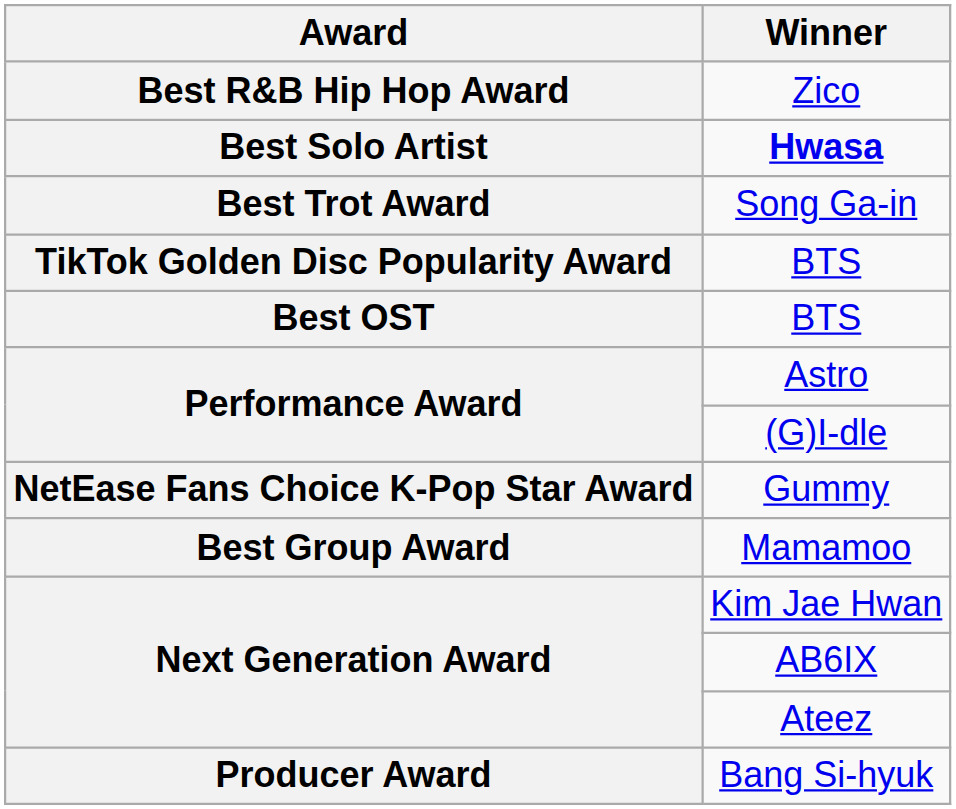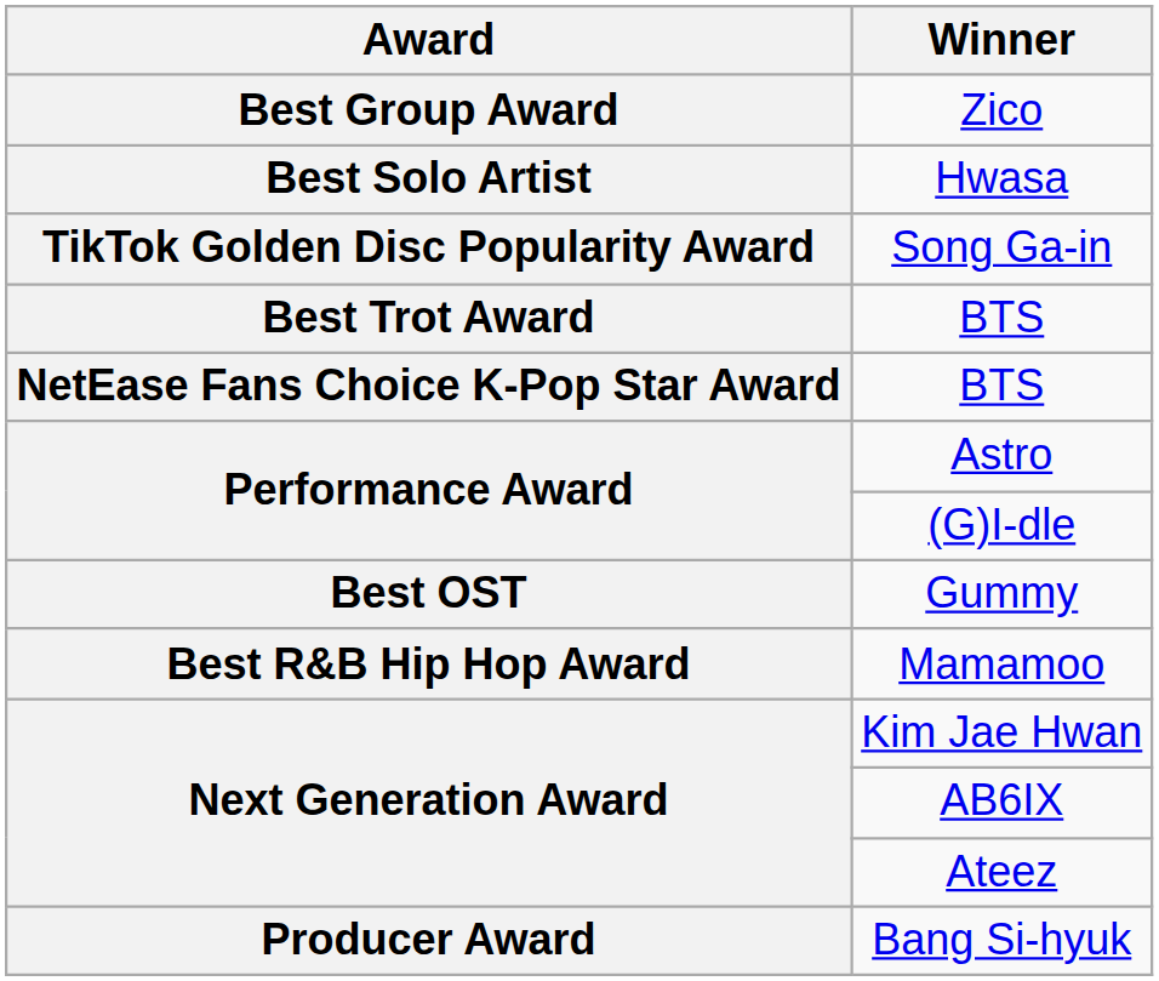 <table class="wikitable plainrowheaders" style="text-align:center">
 <tr>
 <th>Award</th>
 <th>Winner</th>
 </tr>
 <tr>
-<th scope="row">Best R&B Hip Hop Award</th>
+<th scope="row">Best Group Award</th>
 <td><a href='#'>Zico</a></td>
 </tr>
 <tr>
 <th scope="row">Best Solo Artist</th>
-<td><strong><a href='#'>Hwasa</a></strong></td>
+<td><a href='#'>Hwasa</a></td>
+</tr>
+<tr>
+<th scope="row">TikTok Golden Disc Popularity Award</th>
+<td><a href='#'>Song Ga-in</a></td>
 </tr>
 <tr>
 <th scope="row">Best Trot Award</th>
-<td><a href='#'>Song Ga-in</a></td>
-</tr>
-<tr>
-<th scope="row">TikTok Golden Disc Popularity Award</th>
 <td><a href='#'>BTS</a></td>
 </tr>
 <tr>
-<th scope="row">Best OST</th>
+<th scope="row">NetEase Fans Choice K-Pop Star Award</th>
 <td><a href='#'>BTS</a></td>
 </tr>
 <tr>
 <th scope="row" rowspan="2">Performance Award</th>
 <td><a href='#'>Astro</a></td>
 </tr>
 <tr>
 <td><a href='#'>(G)I-dle</a></td>
 </tr>
 <tr>
-<th scope="row">NetEase Fans Choice K-Pop Star Award</th>
+<th scope="row">Best OST</th>
 <td><a href='#'>Gummy</a></td>
 </tr>
 <tr>
-<th scope="row">Best Group Award</th>
+<th scope="row">Best R&B Hip Hop Award</th>
 <td><a href='#'>Mamamoo</a></td>
 </tr>
 <tr>
 <th scope="row" rowspan="3">Next Generation Award</th>
 <td><a href='#'>Kim Jae Hwan</a></td>
 </tr>
 <tr>
 <td><a href='#'>AB6IX</a></td>
 </tr>
 <tr>
 <td><a href='#'>Ateez</a></td>
 </tr>
 <tr>
 <th scope="row">Producer Award</th>
 <td><a href='#'>Bang Si-hyuk</a></td>
 </tr>
 </table>
